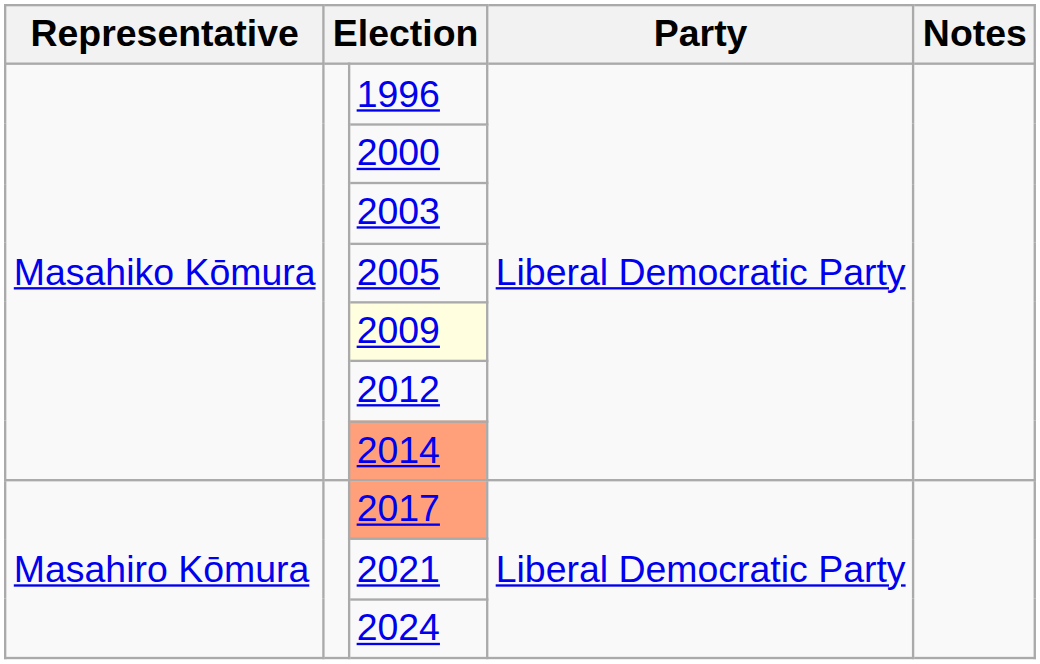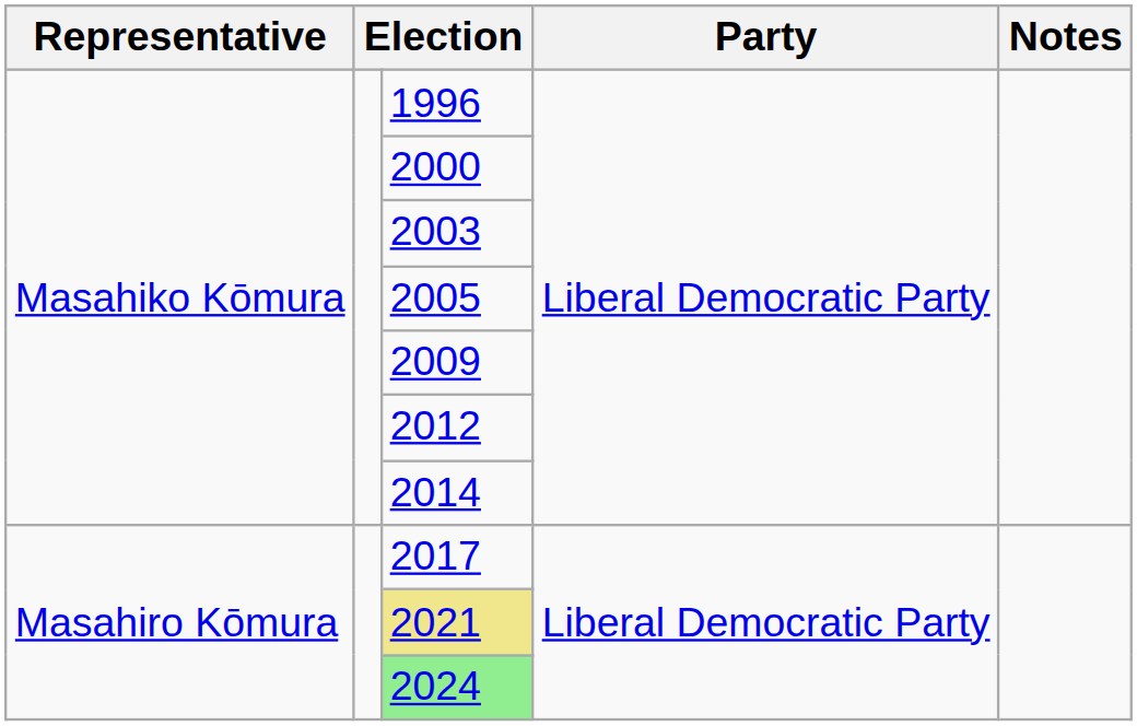 <table class=wikitable>
 <tr valign=bottom>
 <th>Representative</th>
 <th colspan="2">Election</th>
 <th>Party</th>
 <th>Notes</th>
 </tr>
 <tr>
 <td rowspan = "7"><a href='#'>Masahiko Kōmura</a></td>
 <td rowspan="7" style="background-color : "></td>
 <td><a href='#'>1996</a></td>
 <td rowspan = "7"><a href='#'>Liberal Democratic Party</a></td>
 <td rowspan = "7"></td>
 </tr>
 <tr>
 <td><a href='#'>2000</a></td>
 </tr>
 <tr>
 <td><a href='#'>2003</a></td>
 </tr>
 <tr>
 <td><a href='#'>2005</a></td>
 </tr>
 <tr>
-<td style="background: lightyellow;"><a href='#'>2009</a></td>
+<td><a href='#'>2009</a></td>
 </tr>
 <tr>
 <td><a href='#'>2012</a></td>
 </tr>
 <tr>
-<td style="background: lightsalmon;"><a href='#'>2014</a></td>
+<td><a href='#'>2014</a></td>
 </tr>
 <tr>
 <td rowspan = "3"><a href='#'>Masahiro Kōmura</a></td>
 <td rowspan="3" style="background-color : "></td>
-<td style="background: lightsalmon;"><a href='#'>2017</a></td>
+<td><a href='#'>2017</a></td>
 <td rowspan = "3"><a href='#'>Liberal Democratic Party</a></td>
 <td rowspan = "3"></td>
 </tr>
 <tr>
-<td><a href='#'>2021</a></td>
+<td style="background: khaki;"><a href='#'>2021</a></td>
 </tr>
 <tr>
-<td><a href='#'>2024</a></td>
+<td style="background: lightgreen;"><a href='#'>2024</a></td>
 </tr>
 </table>
